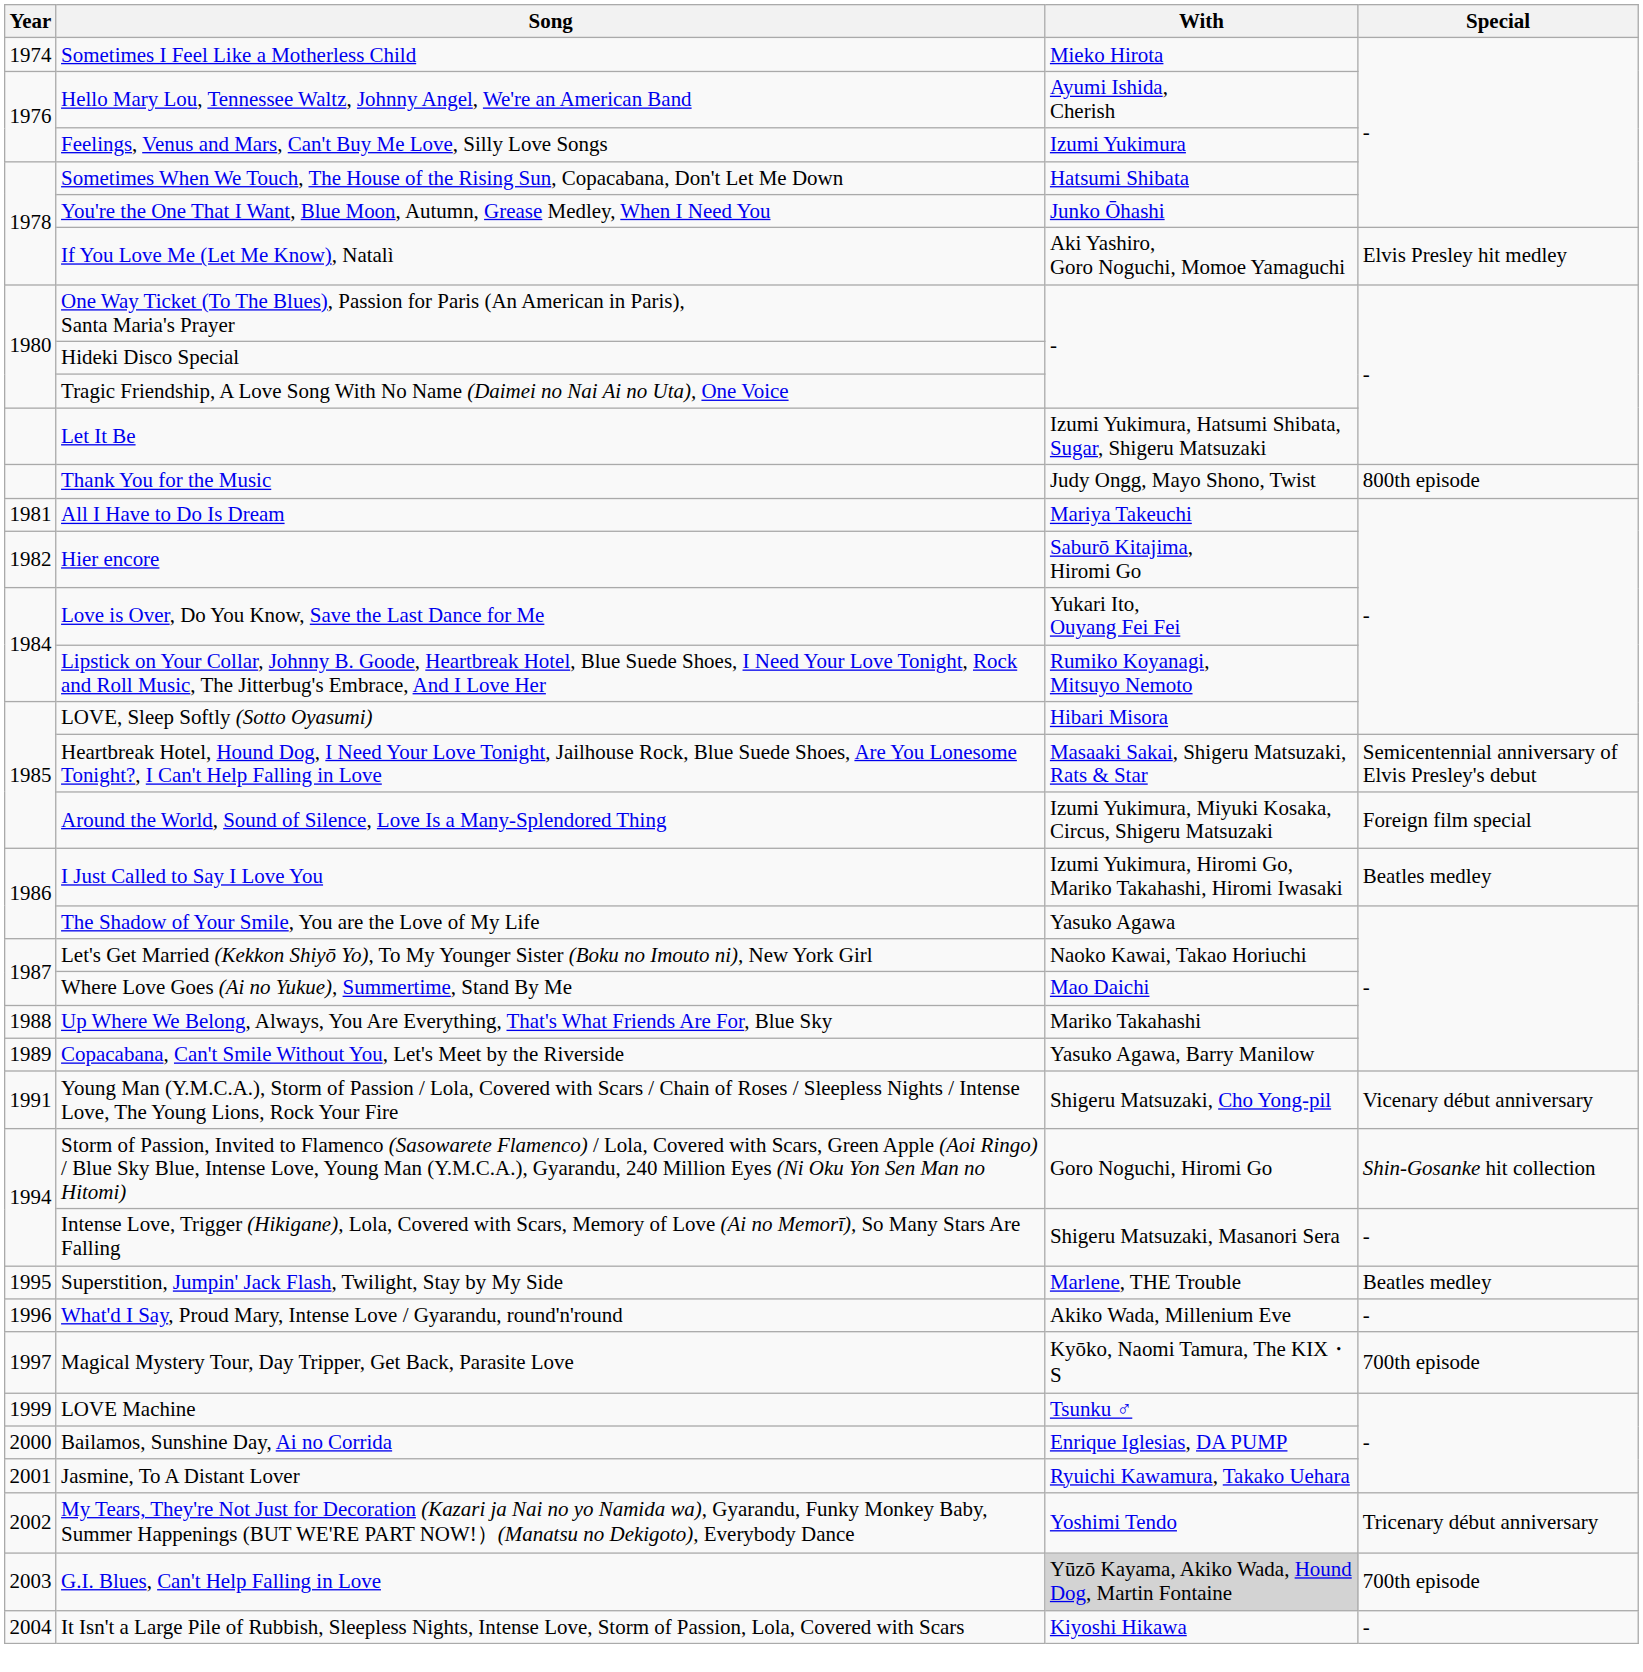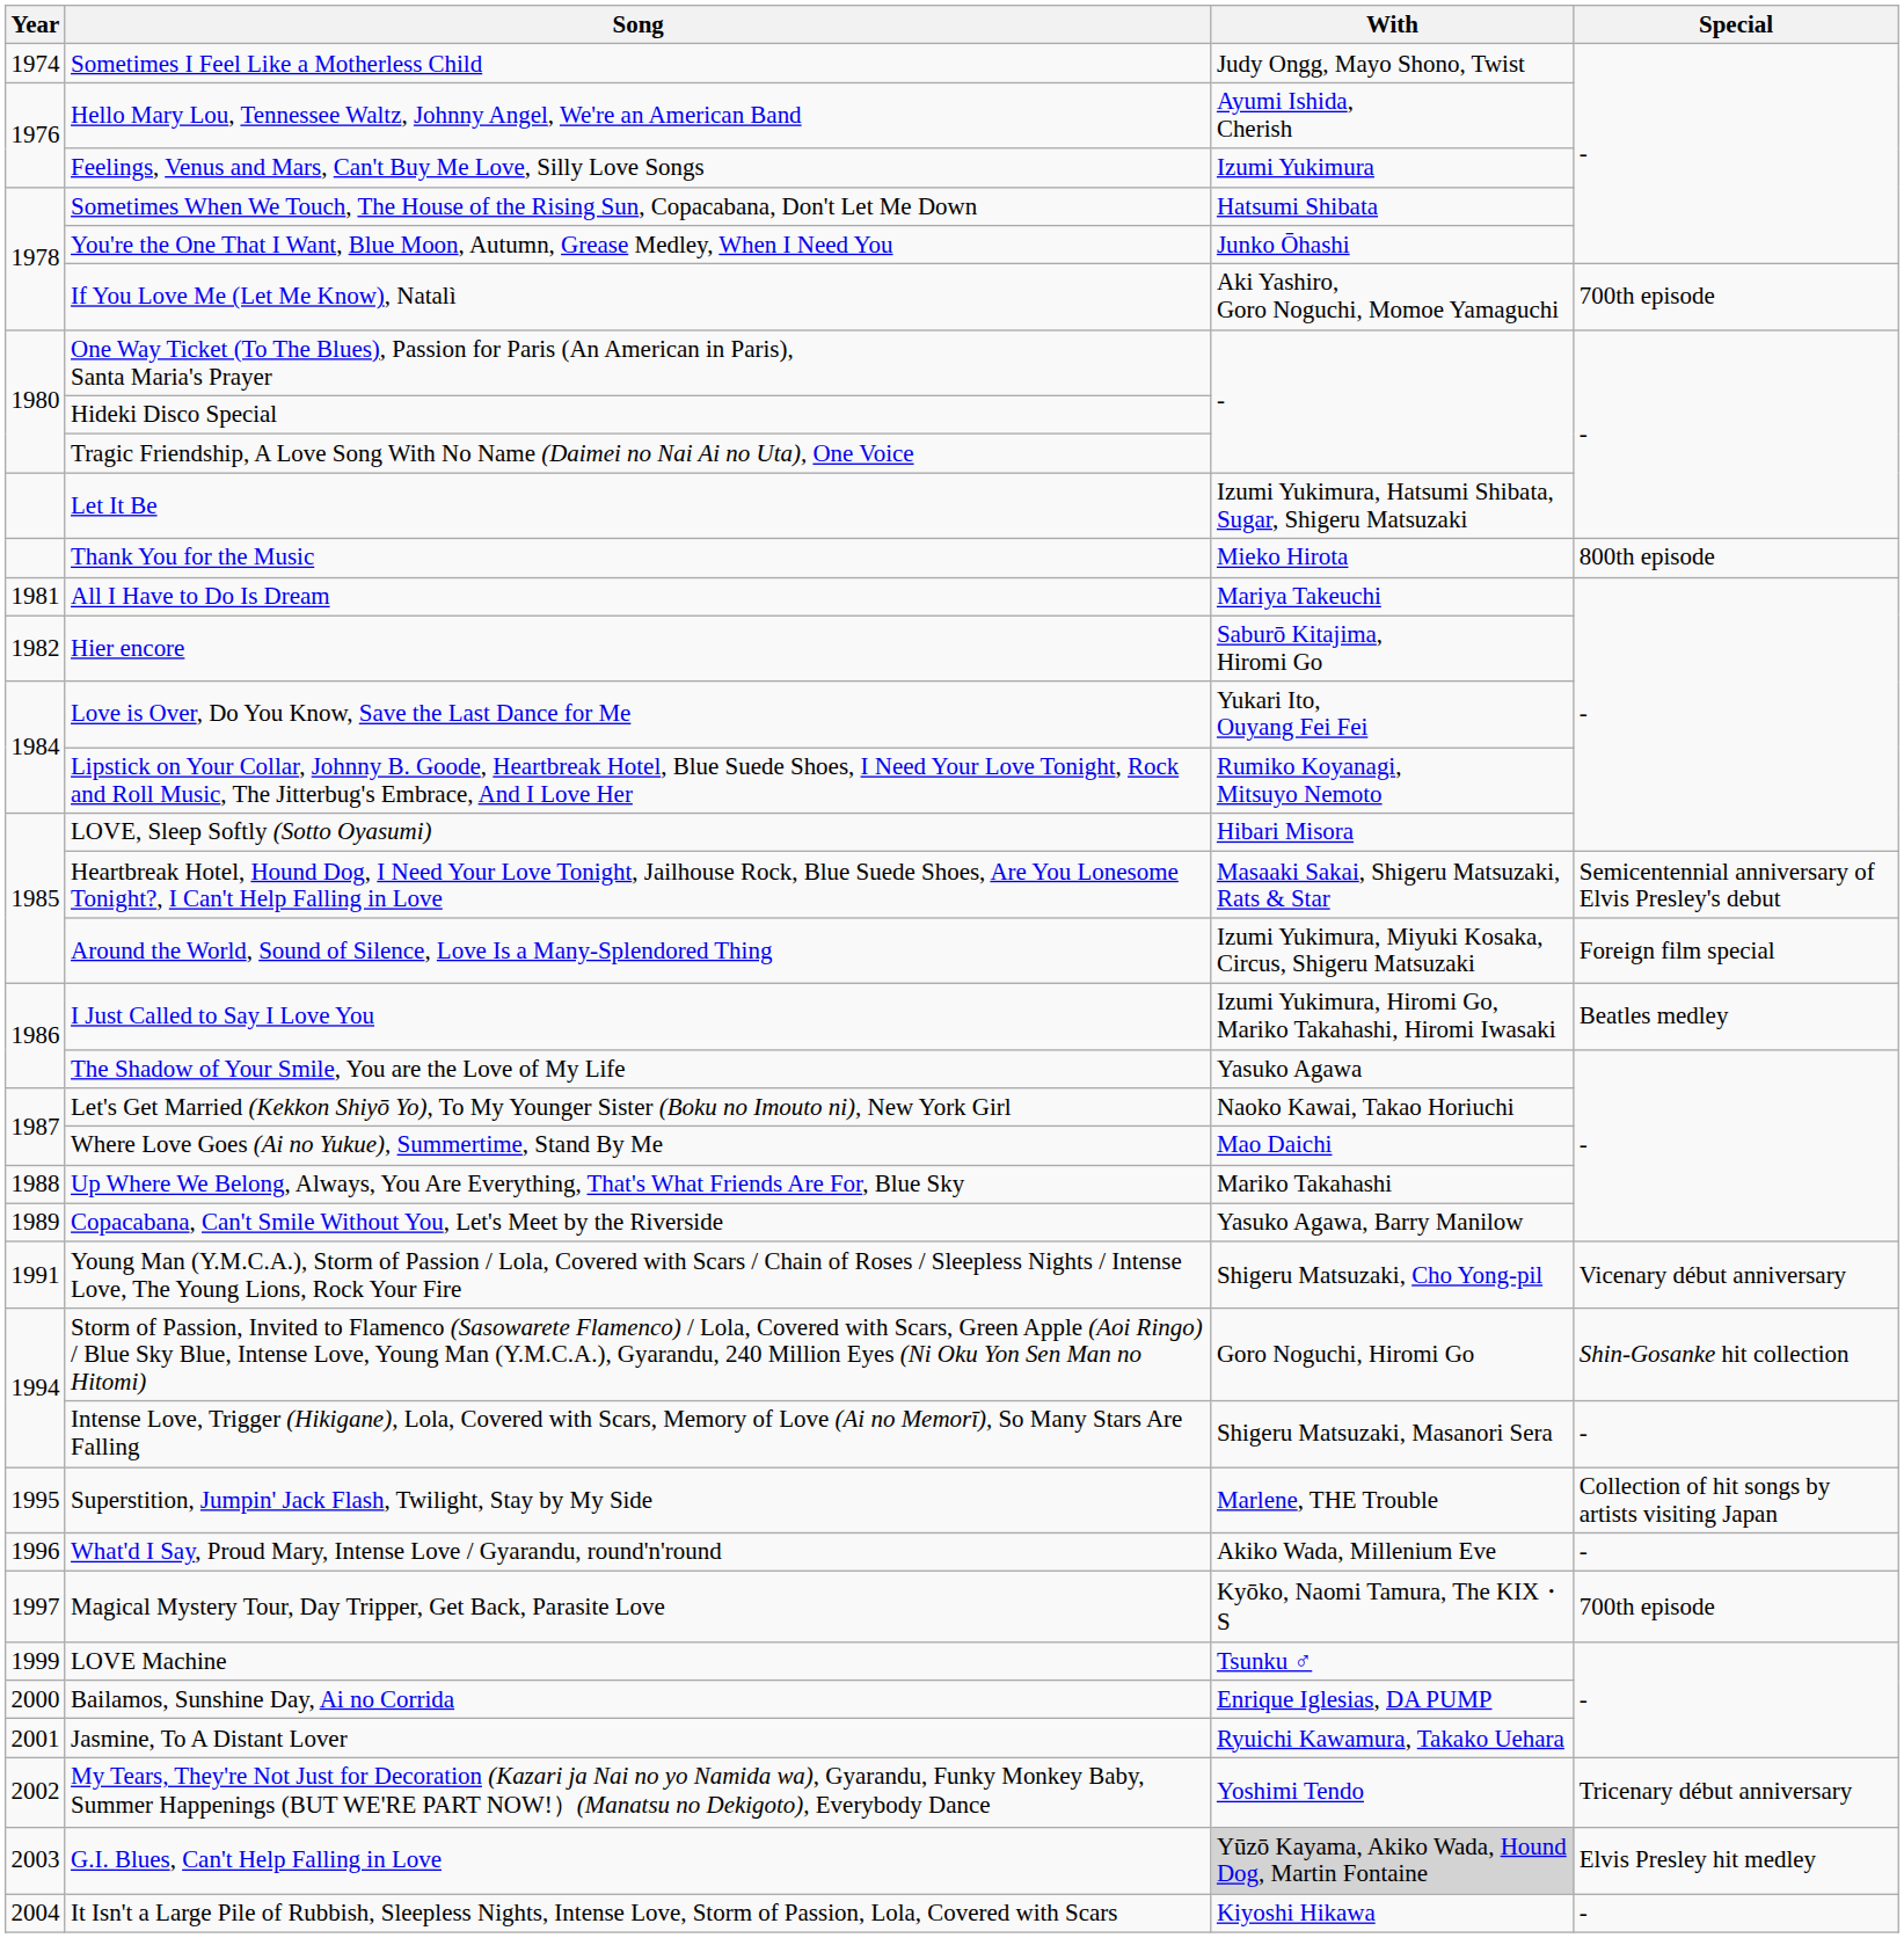 <table class="wikitable">
 <tr>
 <th>Year</th>
 <th>Song</th>
 <th>With</th>
 <th>Special</th>
 </tr>
 <tr>
 <td>1974</td>
 <td><a href='#'>Sometimes I Feel Like a Motherless Child</a></td>
-<td><a href='#'>Mieko Hirota</a></td>
+<td>Judy Ongg, Mayo Shono, Twist</td>
 <td rowspan="5">-</td>
 </tr>
 <tr>
 <td rowspan="2">1976</td>
 <td><a href='#'>Hello Mary Lou</a>, <a href='#'>Tennessee Waltz</a>, <a href='#'>Johnny Angel</a>, <a href='#'>We're an American Band</a></td>
 <td><a href='#'>Ayumi Ishida</a>,<br>Cherish</td>
 </tr>
 <tr>
 <td><a href='#'>Feelings</a>, <a href='#'>Venus and Mars</a>, <a href='#'>Can't Buy Me Love</a>, Silly Love Songs</td>
 <td><a href='#'>Izumi Yukimura</a></td>
 </tr>
 <tr>
 <td rowspan="3">1978</td>
 <td><a href='#'>Sometimes When We Touch</a>, <a href='#'>The House of the Rising Sun</a>, Copacabana, Don't Let Me Down</td>
 <td><a href='#'>Hatsumi Shibata</a></td>
 </tr>
 <tr>
 <td><a href='#'>You're the One That I Want</a>, <a href='#'>Blue Moon</a>, Autumn, <a href='#'>Grease</a> Medley, <a href='#'>When I Need You</a></td>
 <td><a href='#'>Junko Ōhashi</a></td>
 </tr>
 <tr>
 <td><a href='#'>If You Love Me (Let Me Know)</a>, Natalì</td>
 <td>Aki Yashiro,<br>Goro Noguchi, Momoe Yamaguchi</td>
-<td>Elvis Presley hit medley</td>
+<td>700th episode</td>
 </tr>
 <tr>
 <td rowspan="3">1980</td>
 <td><a href='#'>One Way Ticket (To The Blues)</a>, Passion for Paris (An American in Paris),<br>Santa Maria's Prayer</td>
 <td rowspan="3">-</td>
 <td rowspan="4">-</td>
 </tr>
 <tr>
 <td>Hideki Disco Special</td>
 </tr>
 <tr>
 <td>Tragic Friendship, A Love Song With No Name <em>(Daimei no Nai Ai no Uta),</em> <a href='#'>One Voice</a></td>
 </tr>
 <tr>
 <td></td>
 <td><a href='#'>Let It Be</a></td>
 <td>Izumi Yukimura, Hatsumi Shibata, <a href='#'>Sugar</a>, Shigeru Matsuzaki</td>
 </tr>
 <tr>
 <td></td>
 <td><a href='#'>Thank You for the Music</a></td>
-<td>Judy Ongg, Mayo Shono, Twist</td>
+<td><a href='#'>Mieko Hirota</a></td>
 <td>800th episode</td>
 </tr>
 <tr>
 <td>1981</td>
 <td><a href='#'>All I Have to Do Is Dream</a></td>
 <td><a href='#'>Mariya Takeuchi</a></td>
 <td rowspan="5">-</td>
 </tr>
 <tr>
 <td>1982</td>
 <td><a href='#'>Hier encore</a></td>
 <td><a href='#'>Saburō Kitajima</a>,<br>Hiromi Go</td>
 </tr>
 <tr>
 <td rowspan="2">1984</td>
 <td><a href='#'>Love is Over</a>, Do You Know, <a href='#'>Save the Last Dance for Me</a></td>
 <td>Yukari Ito,<br><a href='#'>Ouyang Fei Fei</a></td>
 </tr>
 <tr>
 <td><a href='#'>Lipstick on Your Collar</a>, <a href='#'>Johnny B. Goode</a>, <a href='#'>Heartbreak Hotel</a>, Blue Suede Shoes, <a href='#'>I Need Your Love Tonight</a>, <a href='#'>Rock and Roll Music</a>, The Jitterbug's Embrace, <a href='#'>And I Love Her</a></td>
 <td><a href='#'>Rumiko Koyanagi</a>,<br><a href='#'>Mitsuyo Nemoto</a></td>
 </tr>
 <tr>
 <td rowspan="3">1985</td>
 <td>LOVE, Sleep Softly <em>(Sotto Oyasumi)</em></td>
 <td><a href='#'>Hibari Misora</a></td>
 </tr>
 <tr>
 <td>Heartbreak Hotel, <a href='#'>Hound Dog</a>, <a href='#'>I Need Your Love Tonight</a>, Jailhouse Rock, Blue Suede Shoes, <a href='#'>Are You Lonesome Tonight?</a>, <a href='#'>I Can't Help Falling in Love</a></td>
 <td><a href='#'>Masaaki Sakai</a>, Shigeru Matsuzaki, <a href='#'>Rats & Star</a></td>
 <td>Semicentennial anniversary of Elvis Presley's debut</td>
 </tr>
 <tr>
 <td><a href='#'>Around the World</a>, <a href='#'>Sound of Silence</a>, <a href='#'>Love Is a Many-Splendored Thing</a></td>
 <td>Izumi Yukimura, Miyuki Kosaka, Circus, Shigeru Matsuzaki</td>
 <td>Foreign film special</td>
 </tr>
 <tr>
 <td rowspan="2">1986</td>
 <td><a href='#'>I Just Called to Say I Love You</a></td>
 <td>Izumi Yukimura, Hiromi Go, Mariko Takahashi, Hiromi Iwasaki</td>
 <td>Beatles medley</td>
 </tr>
 <tr>
 <td><a href='#'>The Shadow of Your Smile</a>, You are the Love of My Life</td>
 <td>Yasuko Agawa</td>
 <td rowspan="5">-</td>
 </tr>
 <tr>
 <td rowspan="2">1987</td>
 <td>Let's Get Married <em>(Kekkon Shiyō Yo)</em>, To My Younger Sister <em>(Boku no Imouto ni),</em> New York Girl</td>
 <td>Naoko Kawai, Takao Horiuchi</td>
 </tr>
 <tr>
 <td>Where Love Goes <em>(Ai no Yukue),</em> <a href='#'>Summertime</a>, Stand By Me</td>
 <td><a href='#'>Mao Daichi</a></td>
 </tr>
 <tr>
 <td>1988</td>
 <td><a href='#'>Up Where We Belong</a>, Always, You Are Everything, <a href='#'>That's What Friends Are For</a>, Blue Sky</td>
 <td>Mariko Takahashi</td>
 </tr>
 <tr>
 <td>1989</td>
 <td><a href='#'>Copacabana</a>, <a href='#'>Can't Smile Without You</a>, Let's Meet by the Riverside</td>
 <td>Yasuko Agawa, Barry Manilow</td>
 </tr>
 <tr>
 <td>1991</td>
 <td>Young Man (Y.M.C.A.), Storm of Passion / Lola, Covered with Scars / Chain of Roses / Sleepless Nights / Intense Love, The Young Lions, Rock Your Fire</td>
 <td>Shigeru Matsuzaki, <a href='#'>Cho Yong-pil</a></td>
 <td>Vicenary début anniversary</td>
 </tr>
 <tr>
 <td rowspan="2">1994</td>
 <td>Storm of Passion, Invited to Flamenco <em>(Sasowarete Flamenco)</em> / Lola, Covered with Scars, Green Apple <em>(Aoi Ringo)</em> / Blue Sky Blue, Intense Love, Young Man (Y.M.C.A.), Gyarandu, 240 Million Eyes <em>(Ni Oku Yon Sen Man no Hitomi)</em></td>
 <td>Goro Noguchi, Hiromi Go</td>
 <td><em>Shin-Gosanke</em> hit collection</td>
 </tr>
 <tr>
 <td>Intense Love, Trigger <em>(Hikigane),</em> Lola, Covered with Scars, Memory of Love <em>(Ai no Memorī),</em> So Many Stars Are Falling</td>
 <td>Shigeru Matsuzaki, Masanori Sera</td>
 <td>-</td>
 </tr>
 <tr>
 <td>1995</td>
 <td>Superstition, <a href='#'>Jumpin' Jack Flash</a>, Twilight, Stay by My Side</td>
 <td><a href='#'>Marlene</a>, THE Trouble</td>
-<td>Beatles medley</td>
+<td>Collection of hit songs by artists visiting Japan</td>
 </tr>
 <tr>
 <td>1996</td>
 <td><a href='#'>What'd I Say</a>, Proud Mary, Intense Love / Gyarandu, round'n'round</td>
 <td>Akiko Wada, Millenium Eve</td>
 <td>-</td>
 </tr>
 <tr>
 <td>1997</td>
 <td>Magical Mystery Tour, Day Tripper, Get Back, Parasite Love</td>
 <td>Kyōko, Naomi Tamura, The KIX・S</td>
 <td>700th episode</td>
 </tr>
 <tr>
 <td>1999</td>
 <td>LOVE Machine</td>
 <td><a href='#'>Tsunku ♂</a></td>
 <td rowspan="3">-</td>
 </tr>
 <tr>
 <td>2000</td>
 <td>Bailamos, Sunshine Day, <a href='#'>Ai no Corrida</a></td>
 <td><a href='#'>Enrique Iglesias</a>, <a href='#'>DA PUMP</a></td>
 </tr>
 <tr>
 <td>2001</td>
 <td>Jasmine, To A Distant Lover</td>
 <td><a href='#'>Ryuichi Kawamura</a>, <a href='#'>Takako Uehara</a></td>
 </tr>
 <tr>
 <td>2002</td>
 <td><a href='#'>My Tears, They're Not Just for Decoration</a> <em>(Kazari ja Nai no yo Namida wa)</em>, Gyarandu, Funky Monkey Baby, Summer Happenings (BUT WE'RE PART NOW!）<em>(Manatsu no Dekigoto),</em> Everybody Dance</td>
 <td><a href='#'>Yoshimi Tendo</a></td>
 <td>Tricenary début anniversary</td>
 </tr>
 <tr>
 <td>2003</td>
 <td><a href='#'>G.I. Blues</a>, <a href='#'>Can't Help Falling in Love</a></td>
 <td style="background: lightgrey;">Yūzō Kayama, Akiko Wada, <a href='#'>Hound Dog</a>, Martin Fontaine</td>
-<td>700th episode</td>
+<td>Elvis Presley hit medley</td>
 </tr>
 <tr>
 <td>2004</td>
 <td>It Isn't a Large Pile of Rubbish, Sleepless Nights, Intense Love, Storm of Passion, Lola, Covered with Scars</td>
 <td><a href='#'>Kiyoshi Hikawa</a></td>
 <td>-</td>
 </tr>
 </table>
